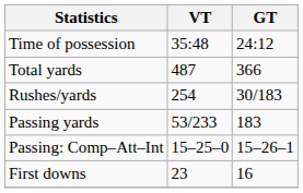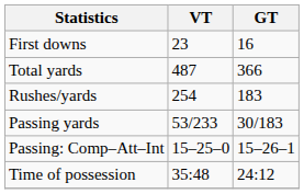 <table class="wikitable" style="float: left;">
 <tr>
 <th>Statistics</th>
 <th>VT</th>
 <th>GT</th>
 </tr>
 <tr>
-<td>Time of possession</td>
-<td>35:48</td>
-<td>24:12</td>
+<td>First downs</td>
+<td>23</td>
+<td>16</td>
 </tr>
 <tr>
 <td>Total yards</td>
 <td>487</td>
 <td>366</td>
 </tr>
 <tr>
 <td>Rushes/yards</td>
 <td>254</td>
-<td>30/183</td>
+<td>183</td>
 </tr>
 <tr>
 <td>Passing yards</td>
 <td>53/233</td>
-<td>183</td>
+<td>30/183</td>
 </tr>
 <tr>
 <td>Passing: Comp–Att–Int</td>
 <td>15–25–0</td>
 <td>15–26–1</td>
 </tr>
 <tr>
-<td>First downs</td>
-<td>23</td>
-<td>16</td>
+<td>Time of possession</td>
+<td>35:48</td>
+<td>24:12</td>
 </tr>
 <tr>
 </tr>
 </table>
